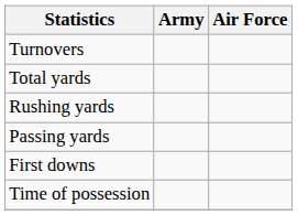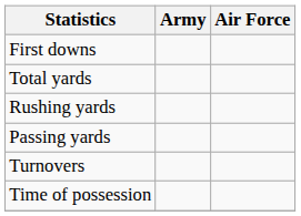 <table class="wikitable" style="float: left;">
 <tr>
 <th>Statistics</th>
 <th>Army</th>
 <th>Air Force</th>
 </tr>
 <tr>
-<td>Turnovers</td>
+<td>First downs</td>
 <td></td>
 <td></td>
 </tr>
 <tr>
 <td>Total yards</td>
 <td></td>
 <td></td>
 </tr>
 <tr>
 <td>Rushing yards</td>
 <td></td>
 <td></td>
 </tr>
 <tr>
 <td>Passing yards</td>
 <td></td>
 <td></td>
 </tr>
 <tr>
-<td>First downs</td>
+<td>Turnovers</td>
 <td></td>
 <td></td>
 </tr>
 <tr>
 <td>Time of possession</td>
 <td></td>
 <td></td>
 </tr>
 <tr>
 </tr>
 </table>
